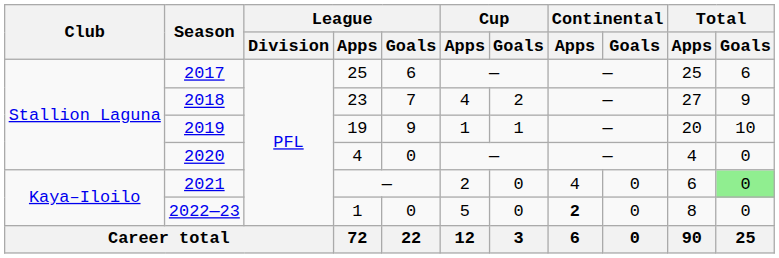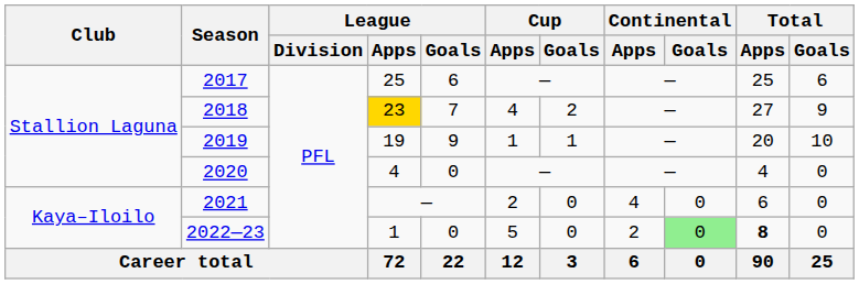 <table class="wikitable" style="text-align: center">
 <tr>
 <th rowspan="2">Club</th>
 <th rowspan="2">Season</th>
 <th colspan="3">League</th>
 <th colspan="2">Cup</th>
 <th colspan="2">Continental</th>
 <th colspan="2">Total</th>
 </tr>
 <tr>
 <th>Division</th>
 <th>Apps</th>
 <th>Goals</th>
 <th>Apps</th>
 <th>Goals</th>
 <th>Apps</th>
 <th>Goals</th>
 <th>Apps</th>
 <th>Goals</th>
 </tr>
 <tr>
 <td rowspan="4"><a href='#'>Stallion Laguna</a></td>
 <td><a href='#'>2017</a></td>
 <td rowspan="6"><a href='#'>PFL</a></td>
 <td>25</td>
 <td>6</td>
 <td colspan="2">—</td>
 <td colspan="2">—</td>
 <td>25</td>
 <td>6</td>
 </tr>
 <tr>
 <td><a href='#'>2018</a></td>
-<td>23</td>
+<td style="background: gold;">23</td>
 <td>7</td>
 <td>4</td>
 <td>2</td>
 <td colspan="2">—</td>
 <td>27</td>
 <td>9</td>
 </tr>
 <tr>
 <td><a href='#'>2019</a></td>
 <td>19</td>
 <td>9</td>
 <td>1</td>
 <td>1</td>
 <td colspan="2">—</td>
 <td>20</td>
 <td>10</td>
 </tr>
 <tr>
 <td><a href='#'>2020</a></td>
 <td>4</td>
 <td>0</td>
 <td colspan="2">—</td>
 <td colspan="2">—</td>
 <td>4</td>
 <td>0</td>
 </tr>
 <tr>
 <td rowspan="2"><a href='#'>Kaya–Iloilo</a></td>
 <td><a href='#'>2021</a></td>
 <td colspan="2">—</td>
 <td>2</td>
 <td>0</td>
 <td>4</td>
 <td>0</td>
 <td>6</td>
-<td style="background: lightgreen;">0</td>
+<td>0</td>
 </tr>
 <tr>
 <td><a href='#'>2022—23</a></td>
 <td>1</td>
 <td>0</td>
 <td>5</td>
 <td>0</td>
-<td><strong>2</strong></td>
-<td>0</td>
-<td>8</td>
+<td>2</td>
+<td style="background: lightgreen;">0</td>
+<td><strong>8</strong></td>
 <td>0</td>
 </tr>
 <tr>
 <th colspan="3"><strong>Career total</strong></th>
 <th>72</th>
 <th>22</th>
 <th>12</th>
 <th>3</th>
 <th>6</th>
 <th>0</th>
 <th>90</th>
 <th>25</th>
 </tr>
 </table>
